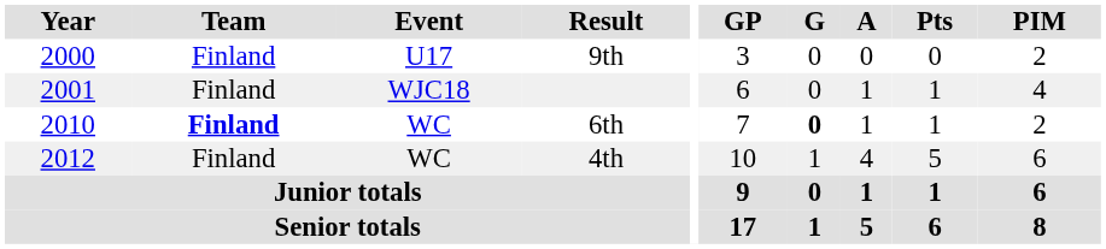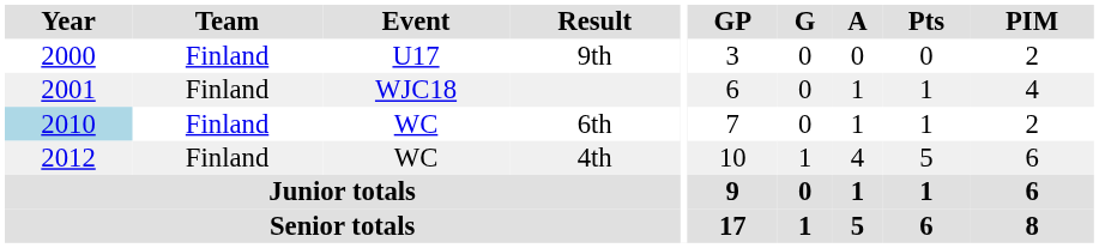 <table border="0" cellpadding="1" cellspacing="0" ID="Table3" style="text-align:center; width:40em">
 <tr ALIGN="center" bgcolor="#e0e0e0">
 <th>Year</th>
 <th>Team</th>
 <th>Event</th>
 <th>Result</th>
 <th rowspan="99" bgcolor="#ffffff"></th>
 <th>GP</th>
 <th>G</th>
 <th>A</th>
 <th>Pts</th>
 <th>PIM</th>
 </tr>
 <tr>
 <td><a href='#'>2000</a></td>
 <td><a href='#'>Finland</a></td>
 <td><a href='#'>U17</a></td>
 <td>9th</td>
 <td>3</td>
 <td>0</td>
 <td>0</td>
 <td>0</td>
 <td>2</td>
 </tr>
 <tr bgcolor="#f0f0f0">
 <td><a href='#'>2001</a></td>
 <td>Finland</td>
 <td><a href='#'>WJC18</a></td>
 <td></td>
 <td>6</td>
 <td>0</td>
 <td>1</td>
 <td>1</td>
 <td>4</td>
 </tr>
 <tr>
-<td><a href='#'>2010</a></td>
-<td><strong><a href='#'>Finland</a></strong></td>
+<td style="background: lightblue;"><a href='#'>2010</a></td>
+<td><a href='#'>Finland</a></td>
 <td><a href='#'>WC</a></td>
 <td>6th</td>
 <td>7</td>
-<td><strong>0</strong></td>
+<td>0</td>
 <td>1</td>
 <td>1</td>
 <td>2</td>
 </tr>
 <tr bgcolor="#f0f0f0">
 <td><a href='#'>2012</a></td>
 <td>Finland</td>
 <td>WC</td>
 <td>4th</td>
 <td>10</td>
 <td>1</td>
 <td>4</td>
 <td>5</td>
 <td>6</td>
 </tr>
 <tr bgcolor="#e0e0e0">
 <th colspan="4">Junior totals</th>
 <th>9</th>
 <th>0</th>
 <th>1</th>
 <th>1</th>
 <th>6</th>
 </tr>
 <tr bgcolor="#e0e0e0">
 <th colspan="4">Senior totals</th>
 <th>17</th>
 <th>1</th>
 <th>5</th>
 <th>6</th>
 <th>8</th>
 </tr>
 </table>
